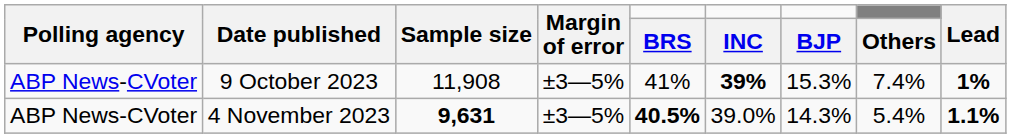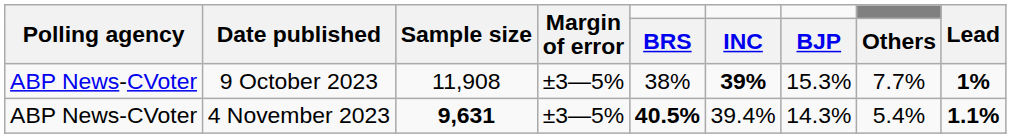 <table class="wikitable" style="text-align:center;font-size:95%;line-height:16px;">
 <tr>
 <th rowspan="2">Polling agency</th>
 <th rowspan="2">Date published</th>
 <th rowspan="2">Sample size</th>
 <th rowspan="2">Margin<br>of error</th>
 <td></td>
 <td></td>
 <td></td>
 <td bgcolor="grey"></td>
 <th rowspan="2">Lead</th>
 </tr>
 <tr>
 <th><a href='#'>BRS</a></th>
 <th><a href='#'>INC</a></th>
 <th><a href='#'>BJP</a></th>
 <th>Others</th>
 </tr>
 <tr>
 <td><a href='#'>ABP News</a>-<a href='#'>CVoter</a></td>
 <td>9 October 2023</td>
 <td>11,908</td>
 <td>±3—5%</td>
-<td>41%</td>
+<td>38%</td>
 <td><strong>39%</strong></td>
 <td>15.3%</td>
-<td>7.4%</td>
+<td>7.7%</td>
 <td><strong>1%</strong></td>
 </tr>
 <tr>
 <td>ABP News-CVoter</td>
 <td>4 November 2023</td>
 <td><strong>9,631</strong></td>
 <td>±3—5%</td>
 <td><strong>40.5%</strong></td>
-<td>39.0%</td>
+<td>39.4%</td>
 <td>14.3%</td>
 <td>5.4%</td>
 <td><strong>1.1%</strong></td>
 </tr>
 </table>
